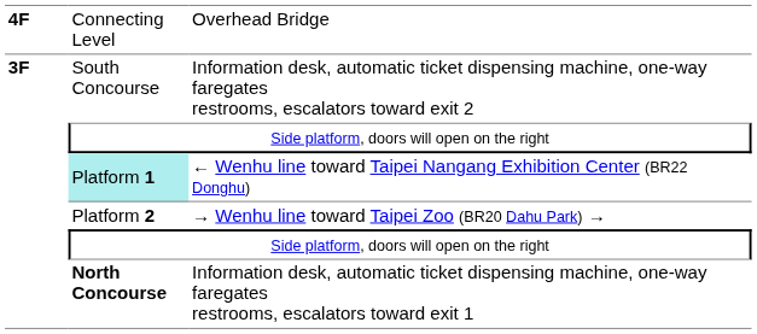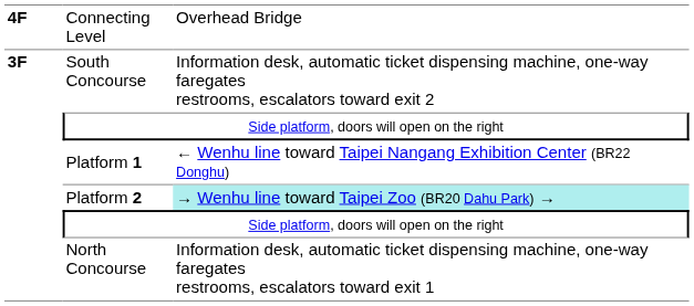 <table table border=0 cellspacing=0 cellpadding=3>
 <tr>
 <td style="border-bottom:solid 1px gray;border-top:solid 1px gray;" width=50 valign=top><strong>4F</strong></td>
 <td style="border-top:solid 1px gray;border-bottom:solid 1px gray;" width=100 valign=top>Connecting Level</td>
 <td style="border-top:solid 1px gray;border-bottom:solid 1px gray;" width=490 valign=top>Overhead Bridge</td>
 </tr>
 <tr>
 <td style="border-bottom:solid 1px gray;" width=50 rowspan=8 valign=top><strong>3F</strong></td>
 </tr>
 <tr>
 <td style="border-top:solid 0px white;" valign=top>South Concourse</td>
 <td>Information desk, automatic ticket dispensing machine, one-way faregates<br>restrooms, escalators toward exit 2</td>
 </tr>
 <tr>
 <td style="border-right:solid 2px black;border-left:solid 2px black;border-bottom:solid 2px black;border-top:solid 1px gray;text-align:center;" colspan=2><small><a href='#'>Side platform</a>, doors will open on the right</small></td>
 </tr>
 <tr>
-<td style="background: paleturquoise; border-bottom:solid 1px gray;" width=100>Platform <span><strong>1</strong></span></td>
+<td style="border-bottom:solid 1px gray;" width=100>Platform <span><strong>1</strong></span></td>
 <td style="border-bottom:solid 1px gray;" width=390>←  <a href='#'>Wenhu line</a> toward <a href='#'>Taipei Nangang Exhibition Center</a> <small>(BR22 <a href='#'>Donghu</a>)</small></td>
 </tr>
 <tr>
 <td>Platform <span><strong>2</strong></span></td>
-<td><span>→</span>  <a href='#'>Wenhu line</a> toward <a href='#'>Taipei Zoo</a> <small>(BR20 <a href='#'>Dahu Park</a>)</small> →</td>
+<td style="background: paleturquoise;"><span>→</span>  <a href='#'>Wenhu line</a> toward <a href='#'>Taipei Zoo</a> <small>(BR20 <a href='#'>Dahu Park</a>)</small> →</td>
 </tr>
 <tr>
 <td style="border-top:solid 2px black;border-right:solid 2px black;border-left:solid 2px black;border-bottom:solid 1px gray;text-align:center;" colspan=2><small><a href='#'>Side platform</a>, doors will open on the right</small></td>
 </tr>
 <tr>
-<td style="border-bottom:solid 1px gray;" valign=top><strong>North Concourse</strong></td>
+<td style="border-bottom:solid 1px gray;" valign=top>North Concourse</td>
 <td style="border-bottom:solid 1px gray;">Information desk, automatic ticket dispensing machine, one-way faregates<br>restrooms, escalators toward exit 1</td>
 </tr>
 </table>
